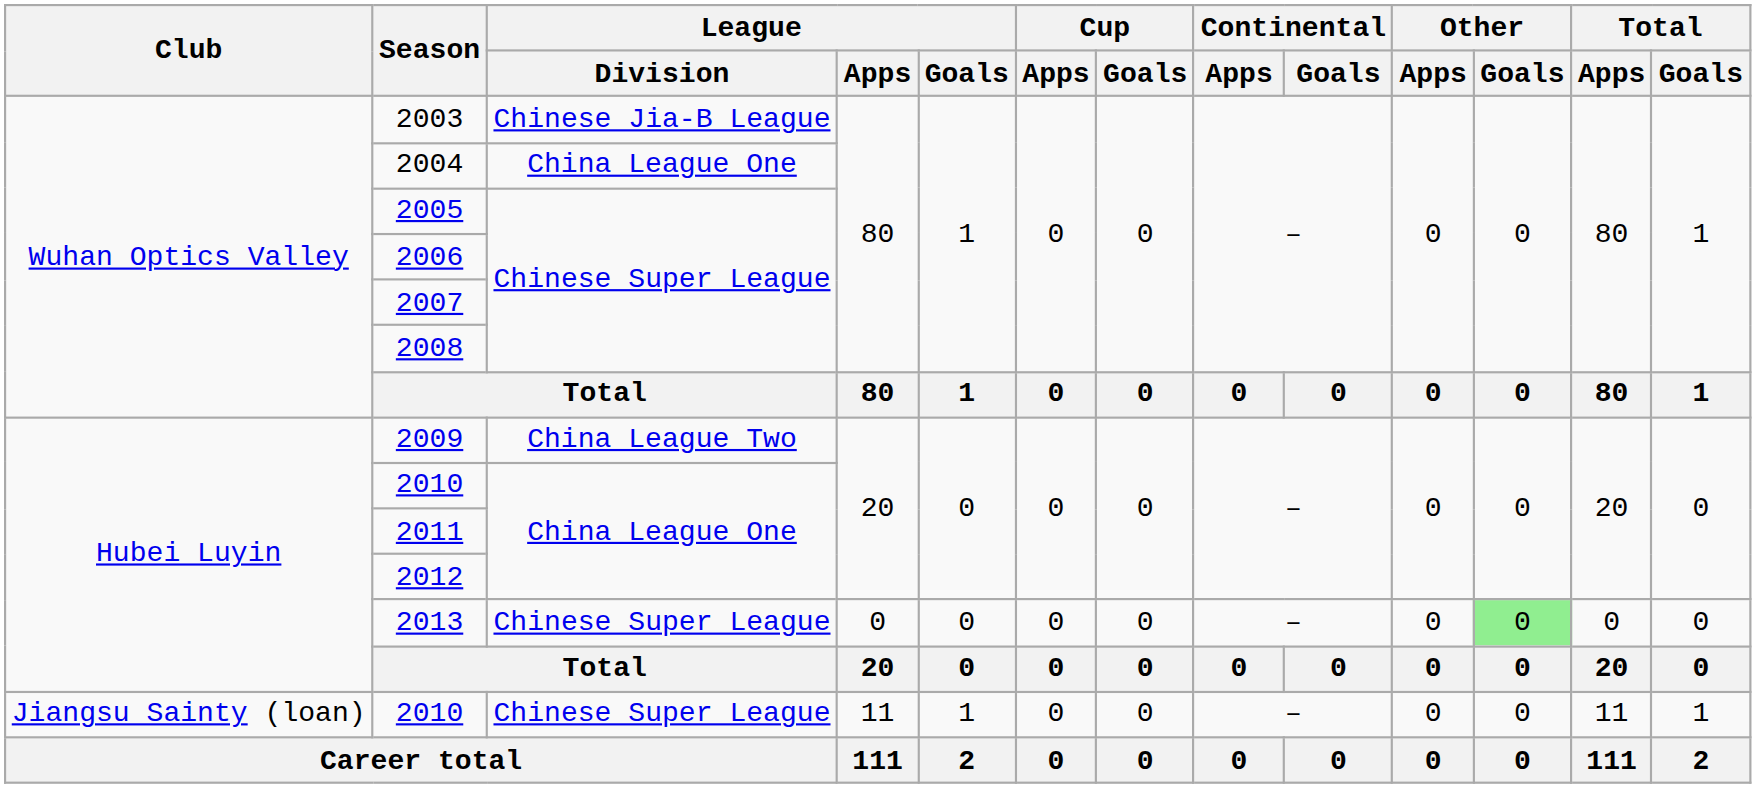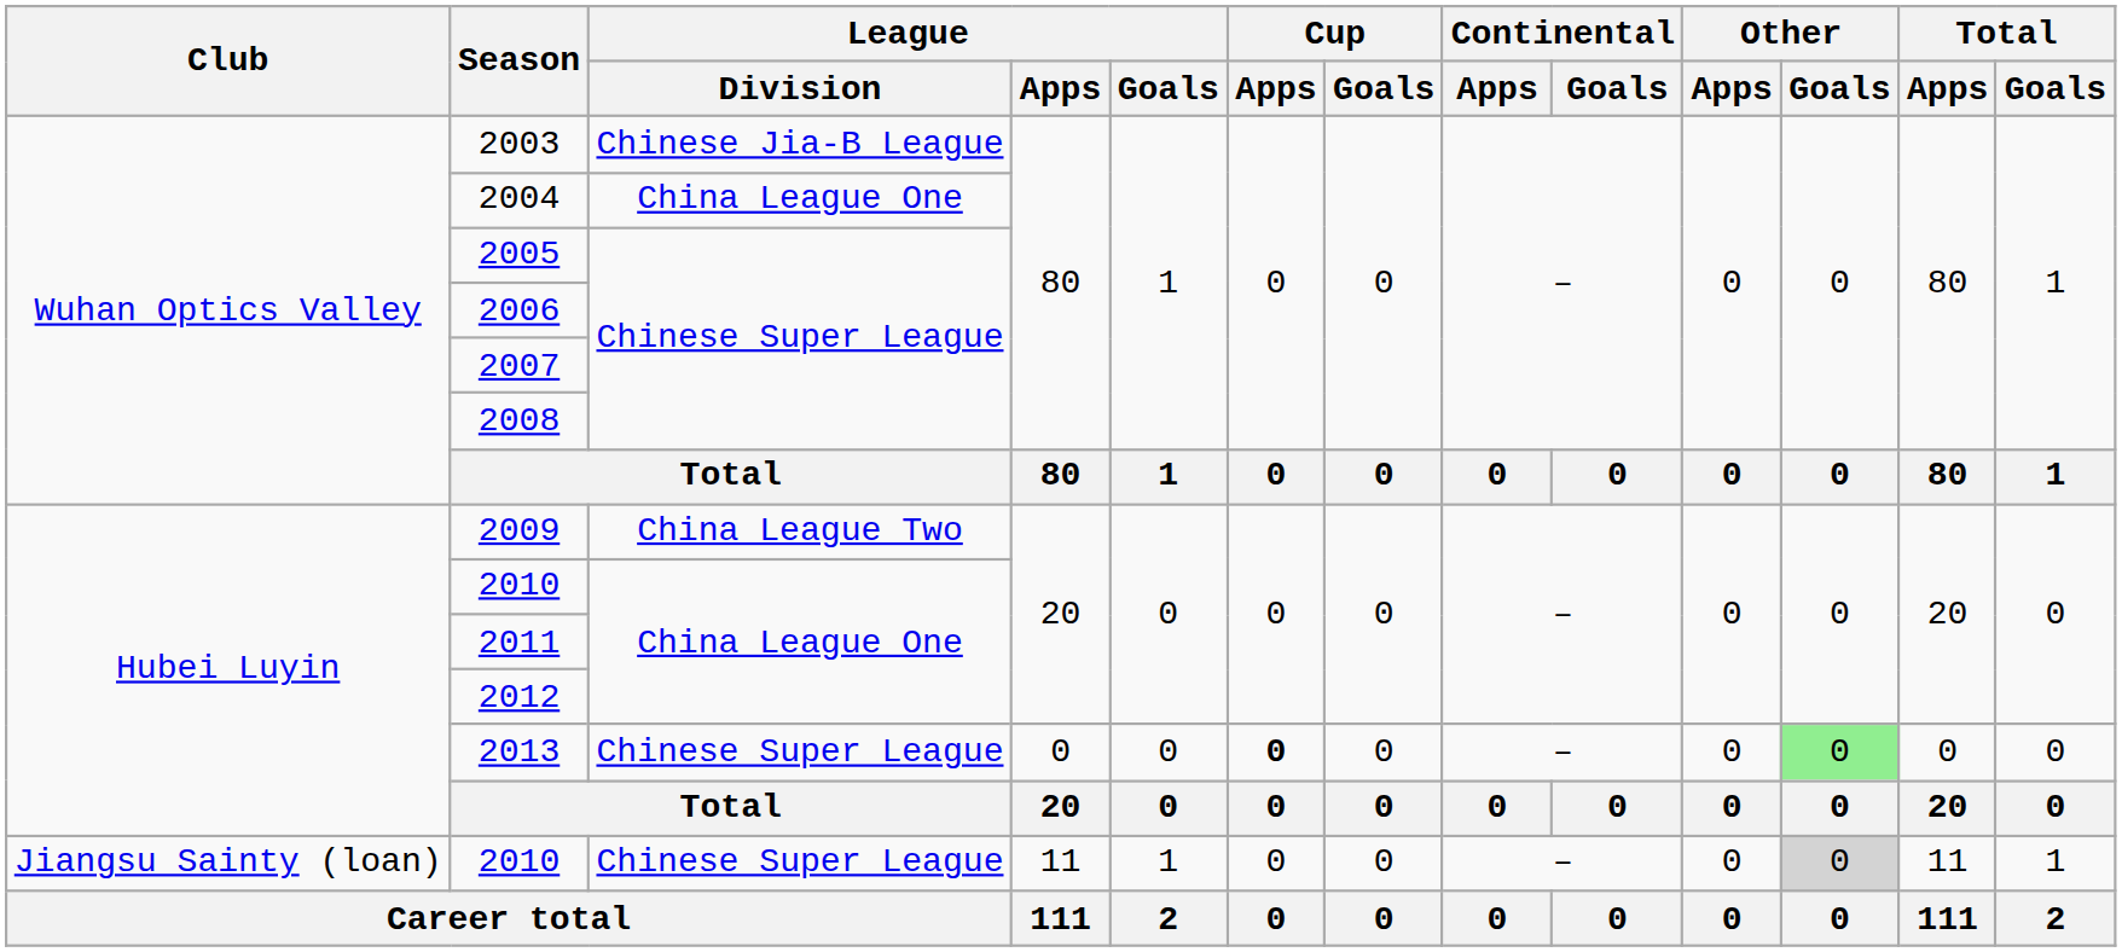 <table class="wikitable" style="text-align: center">
 <tr>
 <th rowspan="2">Club</th>
 <th rowspan="2">Season</th>
 <th colspan="3">League</th>
 <th colspan="2">Cup</th>
 <th colspan="2">Continental</th>
 <th colspan="2">Other</th>
 <th colspan="2">Total</th>
 </tr>
 <tr>
 <th>Division</th>
 <th>Apps</th>
 <th>Goals</th>
 <th>Apps</th>
 <th>Goals</th>
 <th>Apps</th>
 <th>Goals</th>
 <th>Apps</th>
 <th>Goals</th>
 <th>Apps</th>
 <th>Goals</th>
 </tr>
 <tr>
 <td rowspan="7"><a href='#'>Wuhan Optics Valley</a></td>
 <td>2003</td>
 <td><a href='#'>Chinese Jia-B League</a></td>
 <td rowspan="6">80</td>
 <td rowspan="6">1</td>
 <td rowspan="6">0</td>
 <td rowspan="6">0</td>
 <td rowspan="6" colspan="2">–</td>
 <td rowspan="6">0</td>
 <td rowspan="6">0</td>
 <td rowspan="6">80</td>
 <td rowspan="6">1</td>
 </tr>
 <tr>
 <td>2004</td>
 <td><a href='#'>China League One</a></td>
 </tr>
 <tr>
 <td><a href='#'>2005</a></td>
 <td rowspan="4"><a href='#'>Chinese Super League</a></td>
 </tr>
 <tr>
 <td><a href='#'>2006</a></td>
 </tr>
 <tr>
 <td><a href='#'>2007</a></td>
 </tr>
 <tr>
 <td><a href='#'>2008</a></td>
 </tr>
 <tr>
 <th colspan=2>Total</th>
 <th>80</th>
 <th>1</th>
 <th>0</th>
 <th>0</th>
 <th>0</th>
 <th>0</th>
 <th>0</th>
 <th>0</th>
 <th>80</th>
 <th>1</th>
 </tr>
 <tr>
 <td rowspan="6"><a href='#'>Hubei Luyin</a></td>
 <td><a href='#'>2009</a></td>
 <td><a href='#'>China League Two</a></td>
 <td rowspan="4">20</td>
 <td rowspan="4">0</td>
 <td rowspan="4">0</td>
 <td rowspan="4">0</td>
 <td rowspan="4" colspan="2">–</td>
 <td rowspan="4">0</td>
 <td rowspan="4">0</td>
 <td rowspan="4">20</td>
 <td rowspan="4">0</td>
 </tr>
 <tr>
 <td><a href='#'>2010</a></td>
 <td rowspan="3"><a href='#'>China League One</a></td>
 </tr>
 <tr>
 <td><a href='#'>2011</a></td>
 </tr>
 <tr>
 <td><a href='#'>2012</a></td>
 </tr>
 <tr>
 <td><a href='#'>2013</a></td>
 <td><a href='#'>Chinese Super League</a></td>
 <td>0</td>
 <td>0</td>
-<td>0</td>
+<td><strong>0</strong></td>
 <td>0</td>
 <td colspan="2">–</td>
 <td>0</td>
 <td style="background: lightgreen;">0</td>
 <td>0</td>
 <td>0</td>
 </tr>
 <tr>
 <th colspan=2>Total</th>
 <th>20</th>
 <th>0</th>
 <th>0</th>
 <th>0</th>
 <th>0</th>
 <th>0</th>
 <th>0</th>
 <th>0</th>
 <th>20</th>
 <th>0</th>
 </tr>
 <tr>
 <td><a href='#'>Jiangsu Sainty</a> (loan)</td>
 <td><a href='#'>2010</a></td>
 <td><a href='#'>Chinese Super League</a></td>
 <td>11</td>
 <td>1</td>
 <td>0</td>
 <td>0</td>
 <td colspan="2">–</td>
 <td>0</td>
-<td>0</td>
+<td style="background: lightgrey;">0</td>
 <td>11</td>
 <td>1</td>
 </tr>
 <tr>
 <th colspan=3>Career total</th>
 <th>111</th>
 <th>2</th>
 <th>0</th>
 <th>0</th>
 <th>0</th>
 <th>0</th>
 <th>0</th>
 <th>0</th>
 <th>111</th>
 <th>2</th>
 </tr>
 </table>
